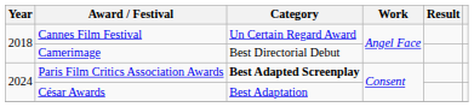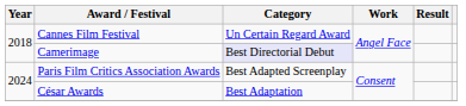 <table class="wikitable sortable plainrowheaders">
 <tr>
 <th>Year</th>
 <th>Award / Festival</th>
 <th>Category</th>
 <th>Work</th>
 <th>Result</th>
 <th scope="col" class="unsortable"></th>
 </tr>
 <tr>
 <td rowspan=2>2018</td>
 <td><a href='#'>Cannes Film Festival</a></td>
 <td><a href='#'>Un Certain Regard Award</a></td>
 <td rowspan=2><em><a href='#'>Angel Face</a></em></td>
 <td></td>
 <td></td>
 </tr>
 <tr>
 <td><a href='#'>Camerimage</a></td>
-<td>Best Directorial Debut</td>
+<td style="background: lavender;">Best Directorial Debut</td>
 <td></td>
 <td></td>
 </tr>
 <tr>
 <td rowspan=2>2024</td>
 <td><a href='#'>Paris Film Critics Association Awards</a></td>
-<td><strong>Best Adapted Screenplay</strong></td>
+<td>Best Adapted Screenplay</td>
 <td rowspan=2><em><a href='#'>Consent</a></em></td>
 <td></td>
 <td></td>
 </tr>
 <tr>
 <td><a href='#'>César Awards</a></td>
 <td><a href='#'>Best Adaptation</a></td>
 <td></td>
 <td></td>
 </tr>
 <tr>
 </tr>
 </table>
